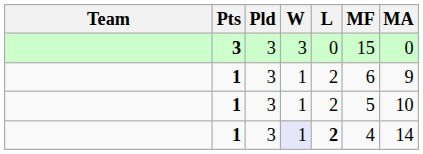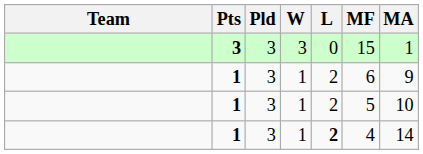 <table class=wikitable style="text-align:right">
 <tr>
 <th width=175>Team</th>
 <th width=20>Pts</th>
 <th width=20>Pld</th>
 <th width=20>W</th>
 <th width=20>L</th>
 <th width=20>MF</th>
 <th width=20>MA</th>
 </tr>
 <tr bgcolor=ccffcc>
 <td style="text-align:left"><strong></strong></td>
 <td><strong>3</strong></td>
 <td>3</td>
 <td>3</td>
 <td>0</td>
 <td>15</td>
-<td>0</td>
+<td>1</td>
 </tr>
 <tr>
 <td style="text-align:left"></td>
 <td><strong>1</strong></td>
 <td>3</td>
 <td>1</td>
 <td>2</td>
 <td>6</td>
 <td>9</td>
 </tr>
 <tr>
 <td style="text-align:left"></td>
 <td><strong>1</strong></td>
 <td>3</td>
 <td>1</td>
 <td>2</td>
 <td>5</td>
 <td>10</td>
 </tr>
 <tr>
 <td style="text-align:left"></td>
 <td><strong>1</strong></td>
 <td>3</td>
-<td style="background: lavender;">1</td>
+<td>1</td>
 <td><strong>2</strong></td>
 <td>4</td>
 <td>14</td>
 </tr>
 </table>
